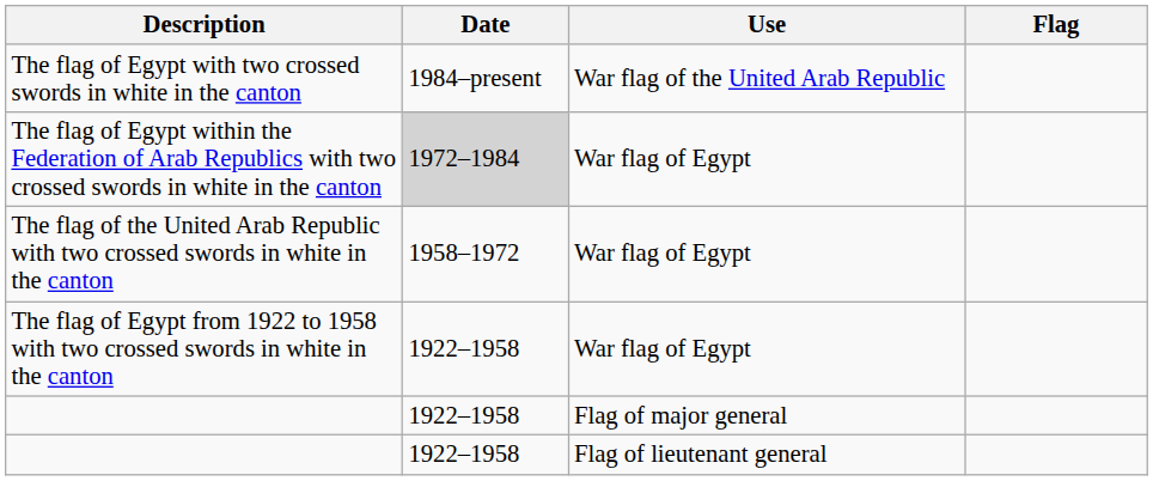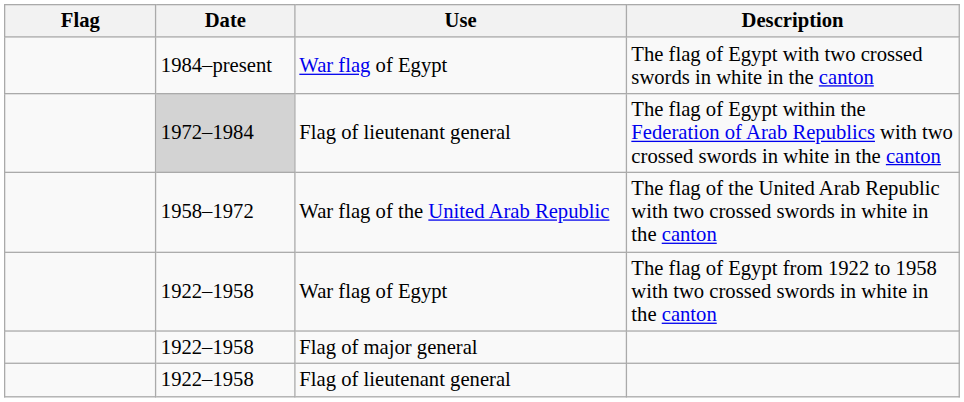 <table class="wikitable">
 <tr>
-<th style="width:250px;">Description</th>
+<th style="width:110px;">Flag</th>
 <th style="width:100px;">Date</th>
 <th style="width:250px;">Use</th>
-<th style="width:110px;">Flag</th>
+<th style="width:250px;">Description</th>
 </tr>
 <tr>
+<td></td>
+<td>1984–present</td>
+<td><a href='#'>War flag</a> of Egypt</td>
 <td>The flag of Egypt with two crossed swords in white in the <a href='#'>canton</a></td>
-<td>1984–present</td>
-<td>War flag of the <a href='#'>United Arab Republic</a></td>
-<td></td>
 </tr>
 <tr>
+<td></td>
+<td style="background: lightgrey;">1972–1984</td>
+<td>Flag of lieutenant general</td>
 <td>The flag of Egypt within the <a href='#'>Federation of Arab Republics</a> with two crossed swords in white in the <a href='#'>canton</a></td>
-<td style="background: lightgrey;">1972–1984</td>
-<td>War flag of Egypt</td>
-<td></td>
 </tr>
 <tr>
+<td></td>
+<td>1958–1972</td>
+<td>War flag of the <a href='#'>United Arab Republic</a></td>
 <td>The flag of the United Arab Republic with two crossed swords in white in the <a href='#'>canton</a></td>
-<td>1958–1972</td>
-<td>War flag of Egypt</td>
-<td></td>
 </tr>
 <tr>
-<td>The flag of Egypt from 1922 to 1958 with two crossed swords in white in the <a href='#'>canton</a></td>
+<td></td>
 <td>1922–1958</td>
 <td>War flag of Egypt</td>
-<td></td>
+<td>The flag of Egypt from 1922 to 1958 with two crossed swords in white in the <a href='#'>canton</a></td>
 </tr>
 <tr>
 <td></td>
 <td>1922–1958</td>
 <td>Flag of major general</td>
 <td></td>
 </tr>
 <tr>
 <td></td>
 <td>1922–1958</td>
 <td>Flag of lieutenant general</td>
 <td></td>
 </tr>
 </table>
